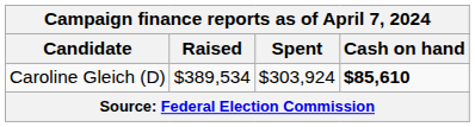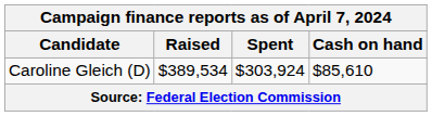 <table class="wikitable sortable">
 <tr>
 <th colspan=4>Campaign finance reports as of April 7, 2024</th>
 </tr>
 <tr style="text-align:center;">
 <th>Candidate</th>
 <th>Raised</th>
 <th>Spent</th>
 <th>Cash on hand</th>
 </tr>
 <tr>
 <td>Caroline Gleich (D)</td>
 <td>$389,534</td>
 <td>$303,924</td>
-<td><strong>$85,610</strong></td>
+<td>$85,610</td>
 </tr>
 <tr>
 <th colspan="4"><small>Source: <a href='#'>Federal Election Commission</a></small></th>
 </tr>
 </table>
